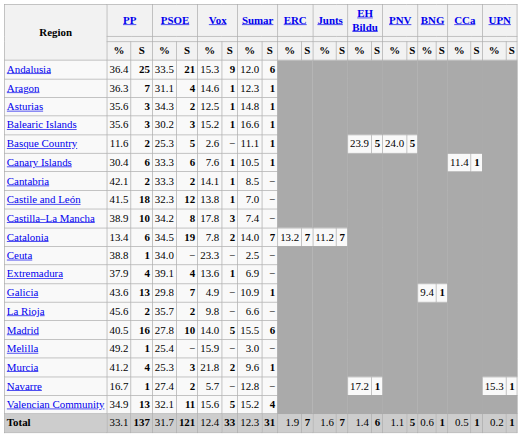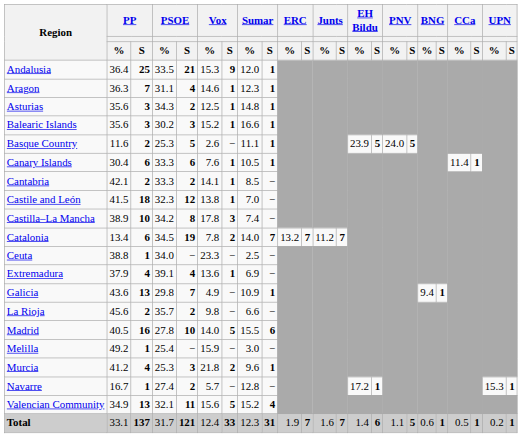 <table class="wikitable sortable" style="text-align:right; line-height:20px;">
 <tr>
 <th rowspan="3">Region</th>
 <th colspan="2" width="30px" class="unsortable"><a href='#'>PP</a></th>
 <th colspan="2" width="30px" class="unsortable"><a href='#'>PSOE</a></th>
 <th colspan="2" width="30px" class="unsortable"><a href='#'>Vox</a></th>
 <th colspan="2" width="30px" class="unsortable"><a href='#'>Sumar</a></th>
 <th colspan="2" width="30px" class="unsortable"><a href='#'>ERC</a></th>
 <th colspan="2" width="30px" class="unsortable"><a href='#'>Junts</a></th>
 <th colspan="2" width="30px" class="unsortable"><a href='#'>EH Bildu</a></th>
 <th colspan="2" width="30px" class="unsortable"><a href='#'>PNV</a></th>
 <th colspan="2" width="30px" class="unsortable"><a href='#'>BNG</a></th>
 <th colspan="2" width="30px" class="unsortable"><a href='#'>CCa</a></th>
 <th colspan="2" width="30px" class="unsortable"><a href='#'>UPN</a></th>
 </tr>
 <tr>
 <th colspan="2" style="background:"></th>
 <th colspan="2" style="background:"></th>
 <th colspan="2" style="background:"></th>
 <th colspan="2" style="background:"></th>
 <th colspan="2" style="background:"></th>
 <th colspan="2" style="background:"></th>
 <th colspan="2" style="background:"></th>
 <th colspan="2" style="background:"></th>
 <th colspan="2" style="background:"></th>
 <th colspan="2" style="background:"></th>
 <th colspan="2" style="background:"></th>
 </tr>
 <tr>
 <th data-sort-type="number">%</th>
 <th data-sort-type="number">S</th>
 <th data-sort-type="number">%</th>
 <th data-sort-type="number">S</th>
 <th data-sort-type="number">%</th>
 <th data-sort-type="number">S</th>
 <th data-sort-type="number">%</th>
 <th data-sort-type="number">S</th>
 <th data-sort-type="number">%</th>
 <th data-sort-type="number">S</th>
 <th data-sort-type="number">%</th>
 <th data-sort-type="number">S</th>
 <th data-sort-type="number">%</th>
 <th data-sort-type="number">S</th>
 <th data-sort-type="number">%</th>
 <th data-sort-type="number">S</th>
 <th data-sort-type="number">%</th>
 <th data-sort-type="number">S</th>
 <th data-sort-type="number">%</th>
 <th data-sort-type="number">S</th>
 <th data-sort-type="number">%</th>
 <th data-sort-type="number">S</th>
 </tr>
 <tr>
 <td align="left"><a href='#'>Andalusia</a></td>
 <td style="background:">36.4</td>
 <td><strong>25</strong></td>
 <td>33.5</td>
 <td><strong>21</strong></td>
 <td>15.3</td>
 <td><strong>9</strong></td>
 <td>12.0</td>
-<td><strong>6</strong></td>
+<td><strong>1</strong></td>
 <td colspan="2" rowspan="9" bgcolor="#AAAAAA"></td>
 <td colspan="2" rowspan="9" bgcolor="#AAAAAA"></td>
 <td colspan="2" rowspan="4" bgcolor="#AAAAAA"></td>
 <td colspan="2" rowspan="4" bgcolor="#AAAAAA"></td>
 <td colspan="2" rowspan="12" bgcolor="#AAAAAA"></td>
 <td colspan="2" rowspan="5" bgcolor="#AAAAAA"></td>
 <td colspan="2" rowspan="17" bgcolor="#AAAAAA"></td>
 </tr>
 <tr>
 <td align="left"><a href='#'>Aragon</a></td>
 <td style="background:">36.3</td>
 <td><strong>7</strong></td>
 <td>31.1</td>
 <td><strong>4</strong></td>
 <td>14.6</td>
 <td><strong>1</strong></td>
 <td>12.3</td>
 <td><strong>1</strong></td>
 </tr>
 <tr>
 <td align="left"><a href='#'>Asturias</a></td>
 <td style="background:">35.6</td>
 <td><strong>3</strong></td>
 <td>34.3</td>
 <td><strong>2</strong></td>
 <td>12.5</td>
 <td><strong>1</strong></td>
 <td>14.8</td>
 <td><strong>1</strong></td>
 </tr>
 <tr>
 <td align="left"><a href='#'>Balearic Islands</a></td>
 <td style="background:">35.6</td>
 <td><strong>3</strong></td>
 <td>30.2</td>
 <td><strong>3</strong></td>
 <td>15.2</td>
 <td><strong>1</strong></td>
 <td>16.6</td>
 <td><strong>1</strong></td>
 </tr>
 <tr>
 <td align="left"><a href='#'>Basque Country</a></td>
 <td>11.6</td>
 <td><strong>2</strong></td>
 <td style="background:">25.3</td>
 <td><strong>5</strong></td>
 <td>2.6</td>
 <td>−</td>
 <td>11.1</td>
 <td><strong>1</strong></td>
 <td>23.9</td>
 <td><strong>5</strong></td>
 <td>24.0</td>
 <td><strong>5</strong></td>
 </tr>
 <tr>
 <td align="left"><a href='#'>Canary Islands</a></td>
 <td>30.4</td>
 <td><strong>6</strong></td>
 <td style="background:">33.3</td>
 <td><strong>6</strong></td>
 <td>7.6</td>
 <td><strong>1</strong></td>
 <td>10.5</td>
 <td><strong>1</strong></td>
 <td colspan="2" rowspan="12" bgcolor="#AAAAAA"></td>
 <td colspan="2" rowspan="14" bgcolor="#AAAAAA"></td>
 <td>11.4</td>
 <td><strong>1</strong></td>
 </tr>
 <tr>
 <td align="left"><a href='#'>Cantabria</a></td>
 <td style="background:">42.1</td>
 <td><strong>2</strong></td>
 <td>33.3</td>
 <td><strong>2</strong></td>
 <td>14.1</td>
 <td><strong>1</strong></td>
 <td>8.5</td>
 <td>−</td>
 <td colspan="2" rowspan="13" bgcolor="#AAAAAA"></td>
 </tr>
 <tr>
 <td align="left"><a href='#'>Castile and León</a></td>
 <td style="background:">41.5</td>
 <td><strong>18</strong></td>
 <td>32.3</td>
 <td><strong>12</strong></td>
 <td>13.8</td>
 <td><strong>1</strong></td>
 <td>7.0</td>
 <td>−</td>
 </tr>
 <tr>
 <td align="left"><a href='#'>Castilla–La Mancha</a></td>
 <td style="background:">38.9</td>
 <td><strong>10</strong></td>
 <td>34.2</td>
 <td><strong>8</strong></td>
 <td>17.8</td>
 <td><strong>3</strong></td>
 <td>7.4</td>
 <td>−</td>
 </tr>
 <tr>
 <td align="left"><a href='#'>Catalonia</a></td>
 <td>13.4</td>
 <td><strong>6</strong></td>
 <td style="background:">34.5</td>
 <td><strong>19</strong></td>
 <td>7.8</td>
 <td><strong>2</strong></td>
 <td>14.0</td>
 <td><strong>7</strong></td>
 <td>13.2</td>
 <td><strong>7</strong></td>
 <td>11.2</td>
 <td><strong>7</strong></td>
 </tr>
 <tr>
 <td align="left"><a href='#'>Ceuta</a></td>
 <td style="background:">38.8</td>
 <td><strong>1</strong></td>
 <td>34.0</td>
 <td>−</td>
 <td>23.3</td>
 <td>−</td>
 <td>2.5</td>
 <td>−</td>
 <td colspan="2" rowspan="9" bgcolor="#AAAAAA"></td>
 <td colspan="2" rowspan="9" bgcolor="#AAAAAA"></td>
 </tr>
 <tr>
 <td align="left"><a href='#'>Extremadura</a></td>
 <td>37.9</td>
 <td><strong>4</strong></td>
 <td style="background:">39.1</td>
 <td><strong>4</strong></td>
 <td>13.6</td>
 <td><strong>1</strong></td>
 <td>6.9</td>
 <td>−</td>
 </tr>
 <tr>
 <td align="left"><a href='#'>Galicia</a></td>
 <td style="background:">43.6</td>
 <td><strong>13</strong></td>
 <td>29.8</td>
 <td><strong>7</strong></td>
 <td>4.9</td>
 <td>−</td>
 <td>10.9</td>
 <td><strong>1</strong></td>
 <td>9.4</td>
 <td><strong>1</strong></td>
 </tr>
 <tr>
 <td align="left"><a href='#'>La Rioja</a></td>
 <td style="background:">45.6</td>
 <td><strong>2</strong></td>
 <td>35.7</td>
 <td><strong>2</strong></td>
 <td>9.8</td>
 <td>−</td>
 <td>6.6</td>
 <td>−</td>
 <td colspan="2" rowspan="6" bgcolor="#AAAAAA"></td>
 </tr>
 <tr>
 <td align="left"><a href='#'>Madrid</a></td>
 <td style="background:">40.5</td>
 <td><strong>16</strong></td>
 <td>27.8</td>
 <td><strong>10</strong></td>
 <td>14.0</td>
 <td><strong>5</strong></td>
 <td>15.5</td>
 <td><strong>6</strong></td>
 </tr>
 <tr>
 <td align="left"><a href='#'>Melilla</a></td>
 <td style="background:">49.2</td>
 <td><strong>1</strong></td>
 <td>25.4</td>
 <td>−</td>
 <td>15.9</td>
 <td>−</td>
 <td>3.0</td>
 <td>−</td>
 </tr>
 <tr>
 <td align="left"><a href='#'>Murcia</a></td>
 <td style="background:">41.2</td>
 <td><strong>4</strong></td>
 <td>25.3</td>
 <td><strong>3</strong></td>
 <td>21.8</td>
 <td><strong>2</strong></td>
 <td>9.6</td>
 <td><strong>1</strong></td>
 </tr>
 <tr>
 <td align="left"><a href='#'>Navarre</a></td>
 <td>16.7</td>
 <td><strong>1</strong></td>
 <td style="background:">27.4</td>
 <td><strong>2</strong></td>
 <td>5.7</td>
 <td>−</td>
 <td>12.8</td>
 <td>−</td>
 <td>17.2</td>
 <td><strong>1</strong></td>
 <td>15.3</td>
 <td><strong>1</strong></td>
 </tr>
 <tr>
 <td align="left"><a href='#'>Valencian Community</a></td>
 <td style="background:">34.9</td>
 <td><strong>13</strong></td>
 <td>32.1</td>
 <td><strong>11</strong></td>
 <td>15.6</td>
 <td><strong>5</strong></td>
 <td>15.2</td>
 <td><strong>4</strong></td>
 <td colspan="2" bgcolor="#AAAAAA"></td>
 <td colspan="2" bgcolor="#AAAAAA"></td>
 </tr>
 <tr style="background:#CDCDCD;">
 <td align="left"><strong>Total</strong></td>
 <td style="background:">33.1</td>
 <td><strong>137</strong></td>
 <td>31.7</td>
 <td><strong>121</strong></td>
 <td>12.4</td>
 <td><strong>33</strong></td>
 <td>12.3</td>
 <td><strong>31</strong></td>
 <td>1.9</td>
 <td><strong>7</strong></td>
 <td>1.6</td>
 <td><strong>7</strong></td>
 <td>1.4</td>
 <td><strong>6</strong></td>
 <td>1.1</td>
 <td><strong>5</strong></td>
 <td>0.6</td>
 <td><strong>1</strong></td>
 <td>0.5</td>
 <td><strong>1</strong></td>
 <td>0.2</td>
 <td><strong>1</strong></td>
 </tr>
 </table>
